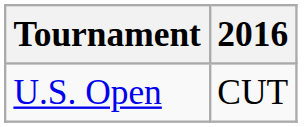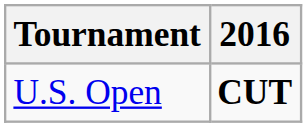 <table class="wikitable" style="font-size:95%;text-align:center;">
 <tr>
 <th>Tournament</th>
 <th>2016</th>
 </tr>
 <tr>
 <td align=left><a href='#'>U.S. Open</a></td>
-<td>CUT</td>
+<td><strong>CUT</strong></td>
 </tr>
 </table>
